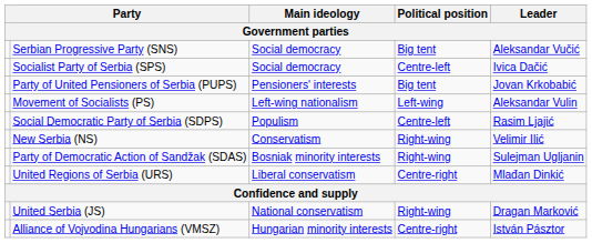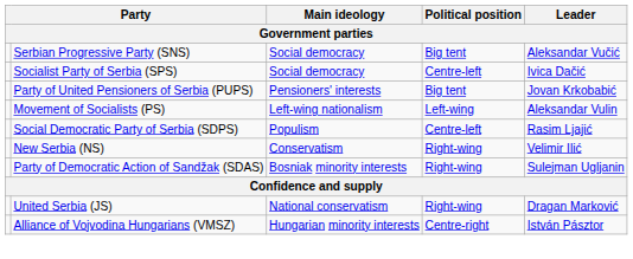 <table class="wikitable" style="font-size:95%">
 <tr>
 <th colspan="2">Party</th>
 <th>Main ideology</th>
 <th>Political position</th>
 <th>Leader</th>
 </tr>
 <tr>
 <th colspan="5">Government parties</th>
 </tr>
 <tr>
 <td style="background:"></td>
 <td><a href='#'>Serbian Progressive Party</a> (SNS)</td>
 <td><a href='#'>Social democracy</a></td>
 <td><a href='#'>Big tent</a></td>
 <td><a href='#'>Aleksandar Vučić</a></td>
 </tr>
 <tr>
 <td style="background:"></td>
 <td><a href='#'>Socialist Party of Serbia</a> (SPS)</td>
 <td><a href='#'>Social democracy</a></td>
 <td><a href='#'>Centre-left</a></td>
 <td><a href='#'>Ivica Dačić</a></td>
 </tr>
 <tr>
 <td style="background:"></td>
 <td><a href='#'>Party of United Pensioners of Serbia</a> (PUPS)</td>
 <td><a href='#'>Pensioners' interests</a></td>
 <td><a href='#'>Big tent</a></td>
 <td><a href='#'>Jovan Krkobabić</a></td>
 </tr>
 <tr>
 <td style="background:"></td>
 <td><a href='#'>Movement of Socialists</a> (PS)</td>
 <td><a href='#'>Left-wing nationalism</a></td>
 <td><a href='#'>Left-wing</a></td>
 <td><a href='#'>Aleksandar Vulin</a></td>
 </tr>
 <tr>
 <td style="background:"></td>
 <td><a href='#'>Social Democratic Party of Serbia</a> (SDPS)</td>
 <td><a href='#'>Populism</a></td>
 <td><a href='#'>Centre-left</a></td>
 <td><a href='#'>Rasim Ljajić</a></td>
 </tr>
 <tr>
 <td style="background:"></td>
 <td><a href='#'>New Serbia</a> (NS)</td>
 <td><a href='#'>Conservatism</a></td>
 <td><a href='#'>Right-wing</a></td>
 <td><a href='#'>Velimir Ilić</a></td>
 </tr>
 <tr>
 <td style="background:"></td>
 <td><a href='#'>Party of Democratic Action of Sandžak</a> (SDAS)</td>
 <td><a href='#'>Bosniak</a> <a href='#'>minority interests</a></td>
 <td><a href='#'>Right-wing</a></td>
 <td><a href='#'>Sulejman Ugljanin</a></td>
 </tr>
 <tr>
-<td style="background:"></td>
-<td><a href='#'>United Regions of Serbia</a> (URS)</td>
-<td><a href='#'>Liberal conservatism</a></td>
-<td><a href='#'>Centre-right</a></td>
-<td><a href='#'>Mlađan Dinkić</a></td>
-</tr>
-<tr>
 <th colspan="5">Confidence and supply</th>
 </tr>
 <tr>
 <td style="background:"></td>
 <td><a href='#'>United Serbia</a> (JS)</td>
 <td><a href='#'>National conservatism</a></td>
 <td><a href='#'>Right-wing</a></td>
 <td><a href='#'>Dragan Marković</a></td>
 </tr>
 <tr>
 <td style="background:"></td>
 <td><a href='#'>Alliance of Vojvodina Hungarians</a> (VMSZ)</td>
 <td><a href='#'>Hungarian</a> <a href='#'>minority interests</a></td>
 <td><a href='#'>Centre-right</a></td>
 <td><a href='#'>István Pásztor</a></td>
 </tr>
 </table>
